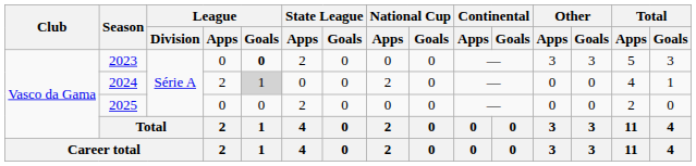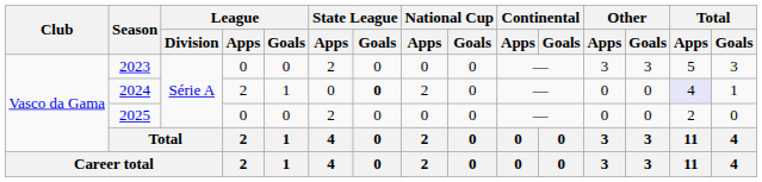 <table class="wikitable" style="text-align:center">
 <tr>
 <th rowspan="2">Club</th>
 <th rowspan="2">Season</th>
 <th colspan="3">League</th>
 <th colspan="2">State League</th>
 <th colspan="2">National Cup</th>
 <th colspan="2">Continental</th>
 <th colspan="2">Other</th>
 <th colspan="2">Total</th>
 </tr>
 <tr>
 <th>Division</th>
 <th>Apps</th>
 <th>Goals</th>
 <th>Apps</th>
 <th>Goals</th>
 <th>Apps</th>
 <th>Goals</th>
 <th>Apps</th>
 <th>Goals</th>
 <th>Apps</th>
 <th>Goals</th>
 <th>Apps</th>
 <th>Goals</th>
 </tr>
 <tr>
 <td rowspan=4><a href='#'>Vasco da Gama</a></td>
 <td><a href='#'>2023</a></td>
 <td rowspan=3><a href='#'>Série A</a></td>
 <td>0</td>
-<td><strong>0</strong></td>
+<td>0</td>
 <td>2</td>
 <td>0</td>
 <td>0</td>
 <td>0</td>
 <td colspan=2>—</td>
 <td>3</td>
 <td>3</td>
 <td>5</td>
 <td>3</td>
 </tr>
 <tr>
 <td><a href='#'>2024</a></td>
 <td>2</td>
-<td style="background: lightgrey;">1</td>
+<td>1</td>
 <td>0</td>
-<td>0</td>
+<td><strong>0</strong></td>
 <td>2</td>
 <td>0</td>
 <td colspan=2>—</td>
 <td>0</td>
 <td>0</td>
-<td>4</td>
+<td style="background: lavender;">4</td>
 <td>1</td>
 </tr>
 <tr>
 <td><a href='#'>2025</a></td>
 <td>0</td>
 <td>0</td>
 <td>2</td>
 <td>0</td>
 <td>0</td>
 <td>0</td>
 <td colspan=2>—</td>
 <td>0</td>
 <td>0</td>
 <td>2</td>
 <td>0</td>
 </tr>
 <tr>
 <th colspan="2">Total</th>
 <th>2</th>
 <th>1</th>
 <th>4</th>
 <th>0</th>
 <th>2</th>
 <th>0</th>
 <th>0</th>
 <th>0</th>
 <th>3</th>
 <th>3</th>
 <th>11</th>
 <th>4</th>
 </tr>
 <tr>
 <th colspan=3><strong>Career total</strong></th>
 <th>2</th>
 <th>1</th>
 <th>4</th>
 <th>0</th>
 <th>2</th>
 <th>0</th>
 <th>0</th>
 <th>0</th>
 <th>3</th>
 <th>3</th>
 <th>11</th>
 <th>4</th>
 </tr>
 </table>
